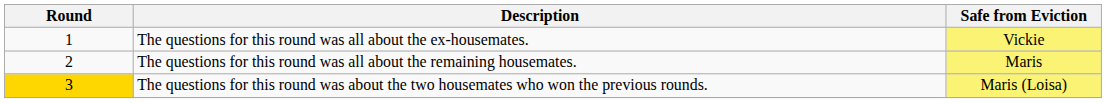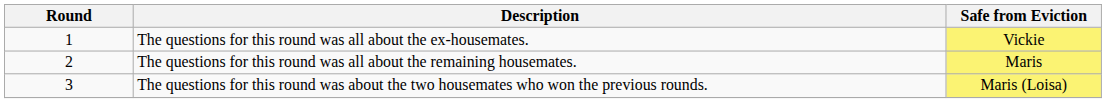 <table class="wikitable" style="text-align:center; font-size:100%; line-height:16px;" width="70%">
 <tr>
 <th style="width: 10%;">Round</th>
 <th style="width: 63%;">Description</th>
 <th style="width: 12%;">Safe from Eviction</th>
 </tr>
 <tr>
 <td>1</td>
 <td style="text-align:left;">The questions for this round was all about the ex-housemates.</td>
 <td style="background:#FBF373;">Vickie</td>
 </tr>
 <tr>
 <td>2</td>
 <td style="text-align:left;">The questions for this round was all about the remaining housemates.</td>
 <td style="background:#FBF373;">Maris</td>
 </tr>
 <tr>
-<td style="background: gold;">3</td>
+<td>3</td>
 <td style="text-align:left;">The questions for this round was about the two housemates who won the previous rounds.</td>
 <td style="background:#FBF373;">Maris (Loisa)</td>
 </tr>
 <tr>
 </tr>
 </table>
